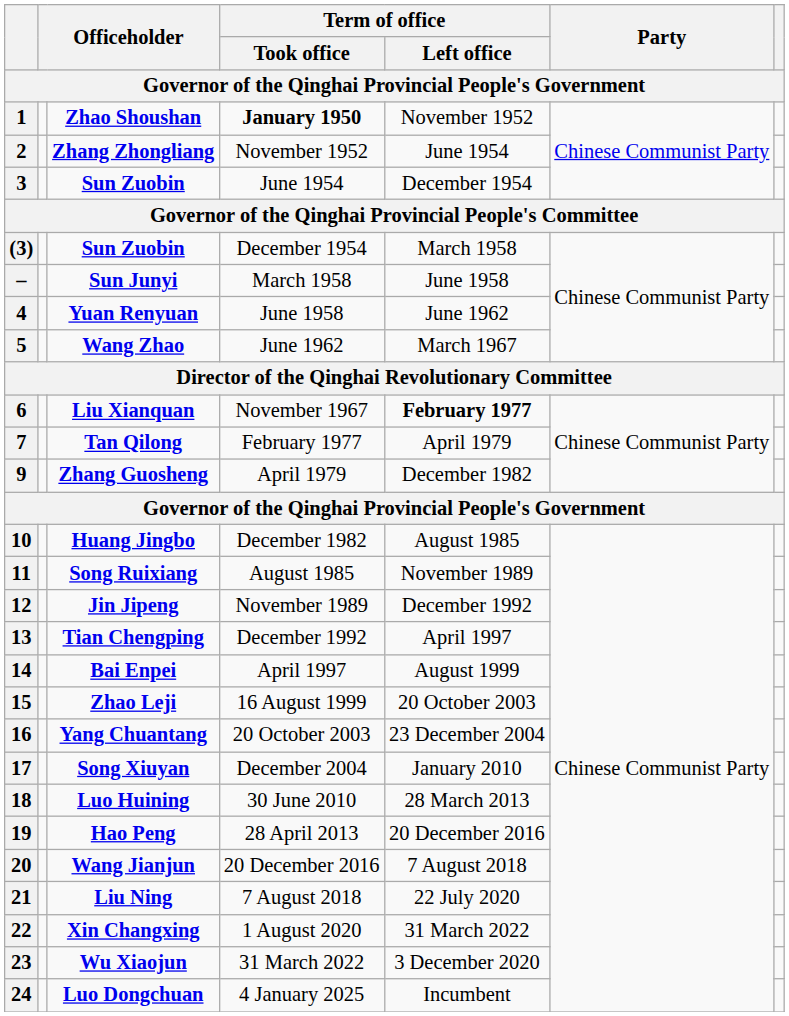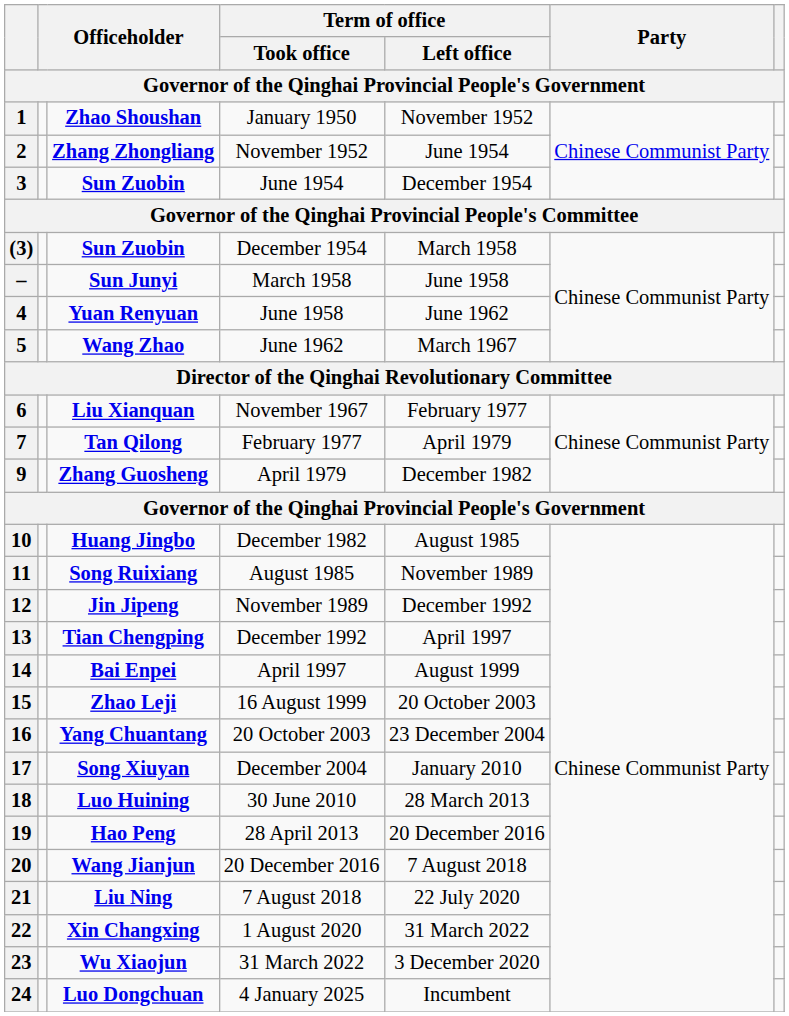 <table class="wikitable" style="text-align:center">
 <tr>
 <th rowspan="2"></th>
 <th colspan="2" rowspan="2">Officeholder</th>
 <th colspan="2">Term of office</th>
 <th rowspan="2">Party</th>
 <th rowspan="2"></th>
 </tr>
 <tr>
 <th>Took office</th>
 <th>Left office</th>
 </tr>
 <tr>
 <th colspan="7">Governor of the Qinghai Provincial People's Government</th>
 </tr>
 <tr>
 <th>1</th>
 <td></td>
 <td><strong><a href='#'>Zhao Shoushan</a></strong><br></td>
-<td><strong>January 1950</strong></td>
+<td>January 1950</td>
 <td>November 1952</td>
 <td rowspan="3"><a href='#'>Chinese Communist Party</a></td>
 <td></td>
 </tr>
 <tr>
 <th>2</th>
 <td></td>
 <td><strong><a href='#'>Zhang Zhongliang</a></strong><br></td>
 <td>November 1952</td>
 <td>June 1954</td>
 <td></td>
 </tr>
 <tr>
 <th>3</th>
 <td></td>
 <td><strong><a href='#'>Sun Zuobin</a></strong><br></td>
 <td>June 1954</td>
 <td>December 1954</td>
 <td></td>
 </tr>
 <tr>
 <th colspan="7">Governor of the Qinghai Provincial People's Committee</th>
 </tr>
 <tr>
 <th>(3)</th>
 <td></td>
 <td><strong><a href='#'>Sun Zuobin</a></strong><br></td>
 <td>December 1954</td>
 <td>March 1958</td>
 <td rowspan="4">Chinese Communist Party</td>
 <td></td>
 </tr>
 <tr>
 <th>–</th>
 <td></td>
 <td><strong><a href='#'>Sun Junyi</a></strong><br></td>
 <td>March 1958</td>
 <td>June 1958</td>
 <td></td>
 </tr>
 <tr>
 <th>4</th>
 <td></td>
 <td><strong><a href='#'>Yuan Renyuan</a></strong><br></td>
 <td>June 1958</td>
 <td>June 1962</td>
 <td></td>
 </tr>
 <tr>
 <th>5</th>
 <td></td>
 <td><strong><a href='#'>Wang Zhao</a></strong><br></td>
 <td>June 1962</td>
 <td>March 1967</td>
 <td></td>
 </tr>
 <tr>
 <th colspan="7">Director of the Qinghai Revolutionary Committee</th>
 </tr>
 <tr>
 <th>6</th>
 <td></td>
 <td><strong><a href='#'>Liu Xianquan</a></strong><br></td>
 <td>November 1967</td>
-<td><strong>February 1977</strong></td>
+<td>February 1977</td>
 <td rowspan="3">Chinese Communist Party</td>
 <td></td>
 </tr>
 <tr>
 <th>7</th>
 <td></td>
 <td><strong><a href='#'>Tan Qilong</a></strong><br></td>
 <td>February 1977</td>
 <td>April 1979</td>
 <td></td>
 </tr>
 <tr>
 <th>9</th>
 <td></td>
 <td><strong><a href='#'>Zhang Guosheng</a></strong><br></td>
 <td>April 1979</td>
 <td>December 1982</td>
 <td></td>
 </tr>
 <tr>
 <th colspan="7">Governor of the Qinghai Provincial People's Government</th>
 </tr>
 <tr>
 <th>10</th>
 <td></td>
 <td><strong><a href='#'>Huang Jingbo</a></strong><br></td>
 <td>December 1982</td>
 <td>August 1985</td>
 <td rowspan="15">Chinese Communist Party</td>
 <td></td>
 </tr>
 <tr>
 <th>11</th>
 <td></td>
 <td><strong><a href='#'>Song Ruixiang</a></strong><br></td>
 <td>August 1985</td>
 <td>November 1989</td>
 <td></td>
 </tr>
 <tr>
 <th>12</th>
 <td></td>
 <td><strong><a href='#'>Jin Jipeng</a></strong><br></td>
 <td>November 1989</td>
 <td>December 1992</td>
 <td></td>
 </tr>
 <tr>
 <th>13</th>
 <td></td>
 <td><strong><a href='#'>Tian Chengping</a></strong><br></td>
 <td>December 1992</td>
 <td>April 1997</td>
 <td></td>
 </tr>
 <tr>
 <th>14</th>
 <td></td>
 <td><strong><a href='#'>Bai Enpei</a></strong><br></td>
 <td>April 1997</td>
 <td>August 1999</td>
 <td></td>
 </tr>
 <tr>
 <th>15</th>
 <td></td>
 <td><strong><a href='#'>Zhao Leji</a></strong><br></td>
 <td>16 August 1999</td>
 <td>20 October 2003</td>
 <td></td>
 </tr>
 <tr>
 <th>16</th>
 <td></td>
 <td><strong><a href='#'>Yang Chuantang</a></strong><br></td>
 <td>20 October 2003</td>
 <td>23 December 2004</td>
 <td></td>
 </tr>
 <tr>
 <th>17</th>
 <td></td>
 <td><strong><a href='#'>Song Xiuyan</a></strong><br></td>
 <td>December 2004</td>
 <td>January 2010</td>
 <td></td>
 </tr>
 <tr>
 <th>18</th>
 <td></td>
 <td><strong><a href='#'>Luo Huining</a></strong><br></td>
 <td>30 June 2010</td>
 <td>28 March 2013</td>
 <td></td>
 </tr>
 <tr>
 <th>19</th>
 <td></td>
 <td><strong><a href='#'>Hao Peng</a></strong><br></td>
 <td>28 April 2013</td>
 <td>20 December 2016</td>
 <td></td>
 </tr>
 <tr>
 <th>20</th>
 <td></td>
 <td><strong><a href='#'>Wang Jianjun</a></strong><br></td>
 <td>20 December 2016</td>
 <td>7 August 2018</td>
 <td></td>
 </tr>
 <tr>
 <th>21</th>
 <td></td>
 <td><strong><a href='#'>Liu Ning</a></strong><br></td>
 <td>7 August 2018</td>
 <td>22 July 2020</td>
 <td></td>
 </tr>
 <tr>
 <th>22</th>
 <td></td>
 <td><strong><a href='#'>Xin Changxing</a></strong><br></td>
 <td>1 August 2020</td>
 <td>31 March 2022</td>
 <td></td>
 </tr>
 <tr>
 <th>23</th>
 <td></td>
 <td><strong><a href='#'>Wu Xiaojun</a></strong><br></td>
 <td>31 March 2022</td>
 <td>3 December 2020</td>
 <td></td>
 </tr>
 <tr>
 <th>24</th>
 <td></td>
 <td><strong><a href='#'>Luo Dongchuan</a></strong><br></td>
 <td>4 January 2025</td>
 <td>Incumbent</td>
 <td></td>
 </tr>
 </table>
